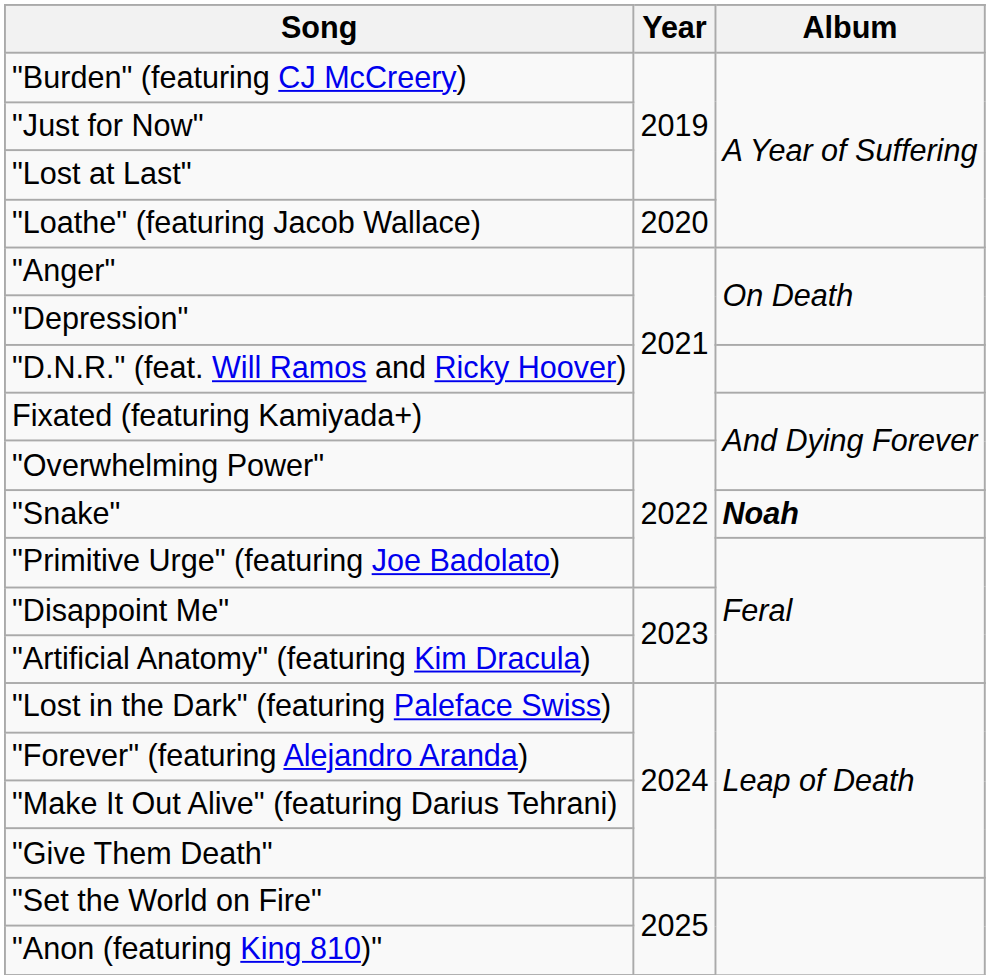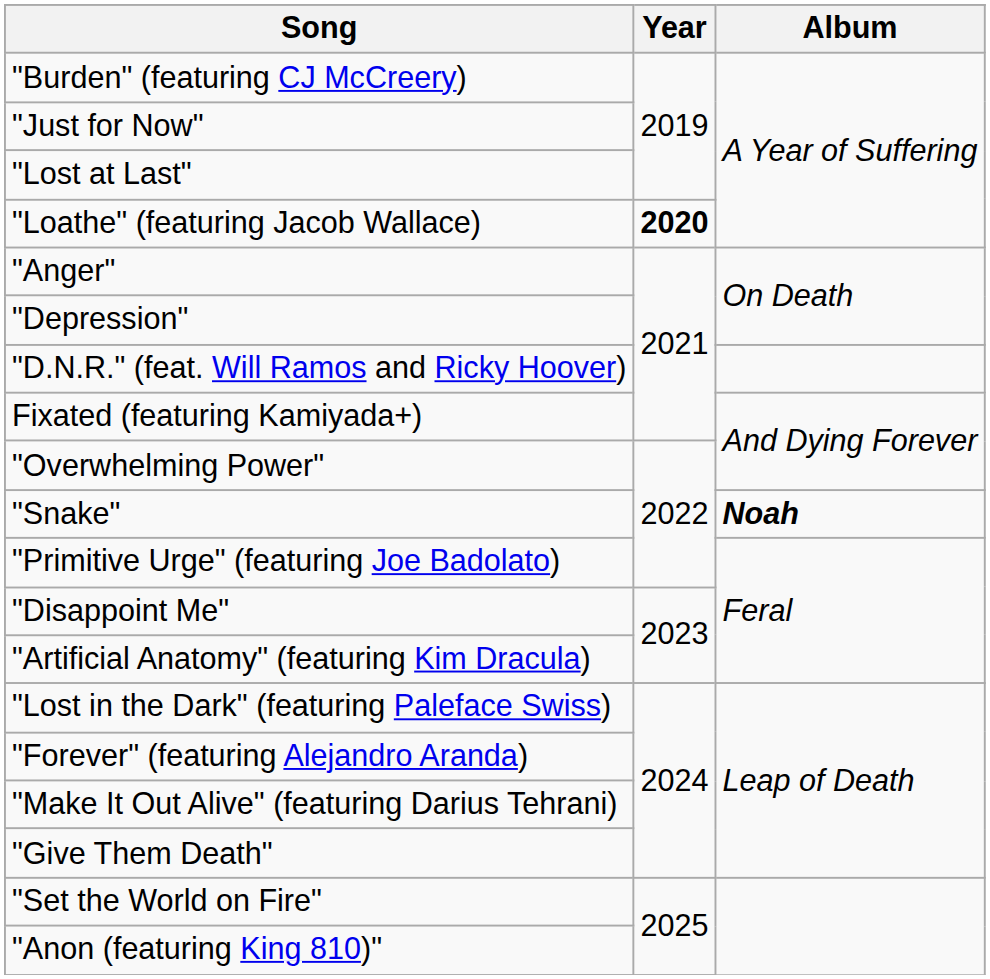 <table class="wikitable">
 <tr>
 <th>Song</th>
 <th>Year</th>
 <th>Album</th>
 </tr>
 <tr>
 <td>"Burden" (featuring <a href='#'>CJ McCreery</a>)</td>
 <td rowspan="3">2019</td>
 <td rowspan="4"><em>A Year of Suffering</em></td>
 </tr>
 <tr>
 <td>"Just for Now"</td>
 </tr>
 <tr>
 <td>"Lost at Last"</td>
 </tr>
 <tr>
 <td>"Loathe" (featuring Jacob Wallace)</td>
-<td>2020</td>
+<td><strong>2020</strong></td>
 </tr>
 <tr>
 <td>"Anger"</td>
 <td rowspan="4">2021</td>
 <td rowspan="2"><em>On Death</em></td>
 </tr>
 <tr>
 <td>"Depression"</td>
 </tr>
 <tr>
 <td>"D.N.R." (feat. <a href='#'>Will Ramos</a> and <a href='#'>Ricky Hoover</a>)</td>
 <td></td>
 </tr>
 <tr>
 <td>Fixated (featuring Kamiyada+)</td>
 <td rowspan="2"><em>And Dying Forever</em></td>
 </tr>
 <tr>
 <td>"Overwhelming Power"</td>
 <td rowspan="3">2022</td>
 </tr>
 <tr>
 <td>"Snake"</td>
 <td><strong><em>Noah</em></strong></td>
 </tr>
 <tr>
 <td>"Primitive Urge" (featuring <a href='#'>Joe Badolato</a>)</td>
 <td rowspan="3"><em>Feral</em></td>
 </tr>
 <tr>
 <td>"Disappoint Me"</td>
 <td rowspan="2">2023</td>
 </tr>
 <tr>
 <td>"Artificial Anatomy" (featuring <a href='#'>Kim Dracula</a>)</td>
 </tr>
 <tr>
 <td>"Lost in the Dark" (featuring <a href='#'>Paleface Swiss</a>)</td>
 <td rowspan="4">2024</td>
 <td rowspan="4"><em>Leap of Death</em></td>
 </tr>
 <tr>
 <td>"Forever" (featuring <a href='#'>Alejandro Aranda</a>)</td>
 </tr>
 <tr>
 <td>"Make It Out Alive" (featuring Darius Tehrani)</td>
 </tr>
 <tr>
 <td>"Give Them Death"</td>
 </tr>
 <tr>
 <td>"Set the World on Fire"</td>
 <td rowspan="2">2025</td>
 </tr>
 <tr>
 <td>"Anon (featuring <a href='#'>King 810</a>)"</td>
 </tr>
 <tr>
 </tr>
 </table>
